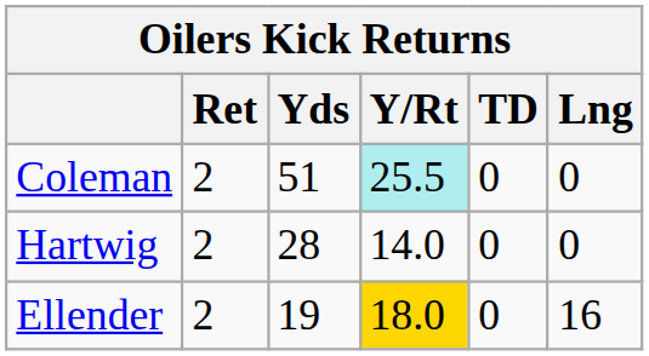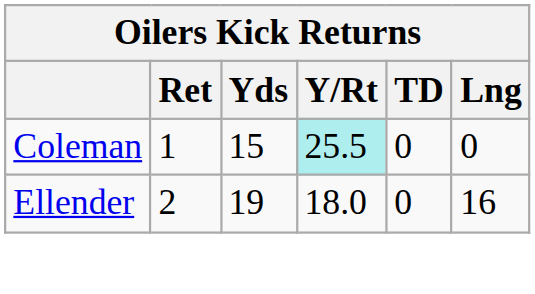 <table class="wikitable">
 <tr>
 <th colspan="6">Oilers Kick Returns</th>
 </tr>
 <tr>
 <th></th>
 <th>Ret</th>
 <th>Yds</th>
 <th>Y/Rt</th>
 <th>TD</th>
 <th>Lng</th>
 </tr>
 <tr>
 <td><a href='#'>Coleman</a></td>
-<td>2</td>
-<td>51</td>
+<td>1</td>
+<td>15</td>
 <td style="background: paleturquoise;">25.5</td>
-<td>0</td>
-<td>0</td>
-</tr>
-<tr>
-<td><a href='#'>Hartwig</a></td>
-<td>2</td>
-<td>28</td>
-<td>14.0</td>
 <td>0</td>
 <td>0</td>
 </tr>
 <tr>
 <td><a href='#'>Ellender</a></td>
 <td>2</td>
 <td>19</td>
-<td style="background: gold;">18.0</td>
+<td>18.0</td>
 <td>0</td>
 <td>16</td>
 </tr>
 </table>
